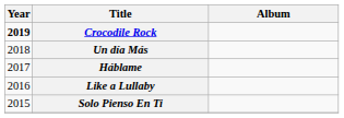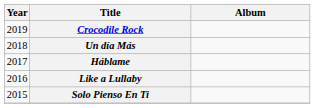 <table class="wikitable plainrowheaders" style="text-align:center;">
 <tr>
 <th scope="col">Year</th>
 <th scope="col" style="width:15em;">Title</th>
 <th scope="col" style="width:11em;">Album</th>
 </tr>
 <tr>
-<td><strong>2019</strong></td>
+<td>2019</td>
 <th scope="row"><em><a href='#'>Crocodile Rock</a></em></th>
 <td></td>
 </tr>
 <tr>
 <td>2018</td>
 <th scope="row"><em>Un día Más</em></th>
 <td></td>
 </tr>
 <tr>
 <td>2017</td>
 <th scope="row"><em>Háblame</em></th>
 <td></td>
 </tr>
 <tr>
 <td>2016</td>
 <th scope="row"><em>Like a Lullaby</em></th>
 <td></td>
 </tr>
 <tr>
 <td>2015</td>
 <th scope="row"><em>Solo Pienso En Ti</em></th>
 <td></td>
 </tr>
 <tr>
 </tr>
 </table>
